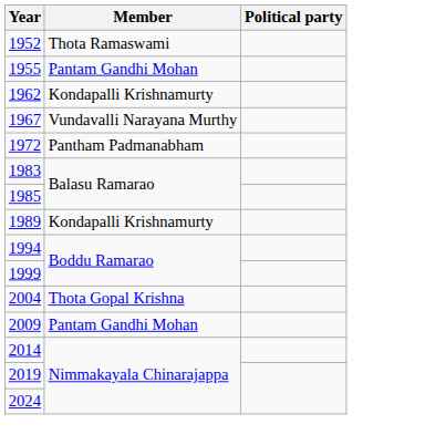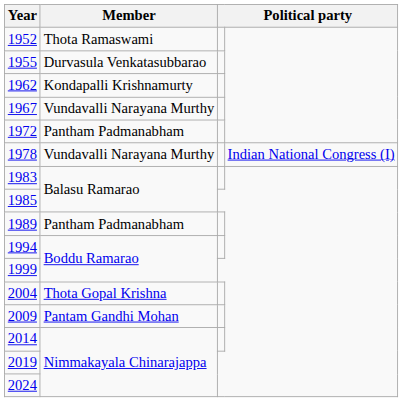 <table class="wikitable sortable">
 <tr>
 <th>Year</th>
 <th>Member</th>
 <th colspan="2">Political party</th>
 </tr>
 <tr>
 <td><a href='#'>1952</a></td>
 <td>Thota Ramaswami</td>
 <td></td>
 </tr>
 <tr>
 <td><a href='#'>1955</a></td>
-<td><a href='#'>Pantam Gandhi Mohan</a></td>
+<td>Durvasula Venkatasubbarao</td>
 <td></td>
 </tr>
 <tr>
 <td><a href='#'>1962</a></td>
 <td>Kondapalli Krishnamurty</td>
 <td></td>
 </tr>
 <tr>
 <td><a href='#'>1967</a></td>
 <td>Vundavalli Narayana Murthy</td>
 <td></td>
 </tr>
 <tr>
 <td><a href='#'>1972</a></td>
 <td>Pantham Padmanabham</td>
 <td></td>
 </tr>
 <tr>
+<td><a href='#'>1978</a></td>
+<td>Vundavalli Narayana Murthy</td>
+<td style="background-color: "></td>
+<td><a href='#'>Indian National Congress (I)</a></td>
+</tr>
+<tr>
 <td><a href='#'>1983</a></td>
 <td rowspan=2>Balasu Ramarao</td>
 <td></td>
 </tr>
 <tr>
 <td><a href='#'>1985</a></td>
 </tr>
 <tr>
 <td><a href='#'>1989</a></td>
-<td>Kondapalli Krishnamurty</td>
+<td>Pantham Padmanabham</td>
 <td></td>
 </tr>
 <tr>
 <td><a href='#'>1994</a></td>
 <td rowspan=2><a href='#'>Boddu Ramarao</a></td>
 <td></td>
 </tr>
 <tr>
 <td><a href='#'>1999</a></td>
 </tr>
 <tr>
 <td><a href='#'>2004</a></td>
 <td><a href='#'>Thota Gopal Krishna</a></td>
 <td></td>
 </tr>
 <tr>
 <td><a href='#'>2009</a></td>
 <td><a href='#'>Pantam Gandhi Mohan</a></td>
 <td></td>
 </tr>
 <tr>
 <td><a href='#'>2014</a></td>
 <td rowspan=3><a href='#'>Nimmakayala Chinarajappa</a></td>
 <td></td>
 </tr>
 <tr>
 <td><a href='#'>2019</a></td>
 </tr>
 <tr>
 <td><a href='#'>2024</a></td>
 </tr>
 </table>
